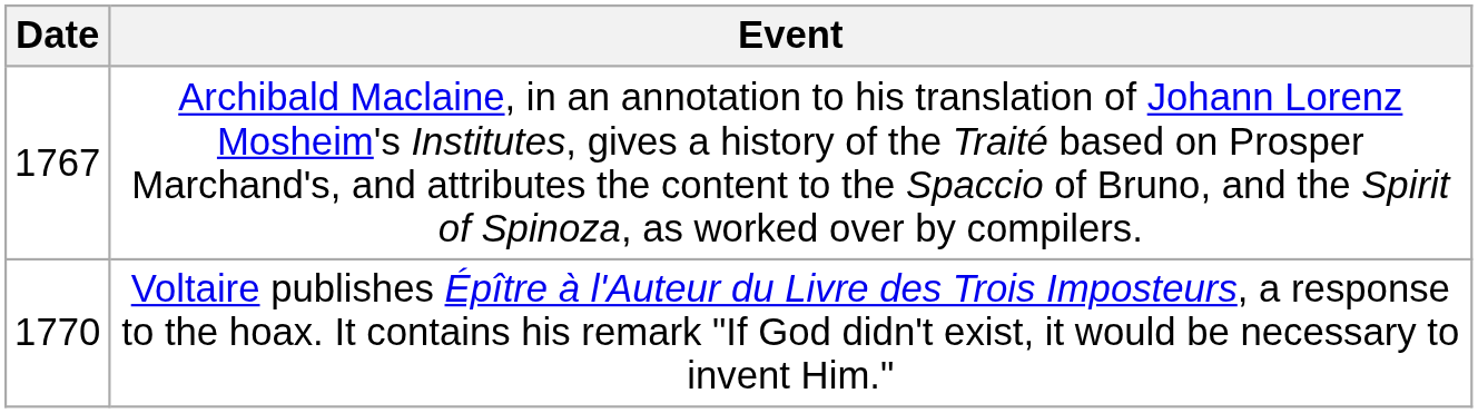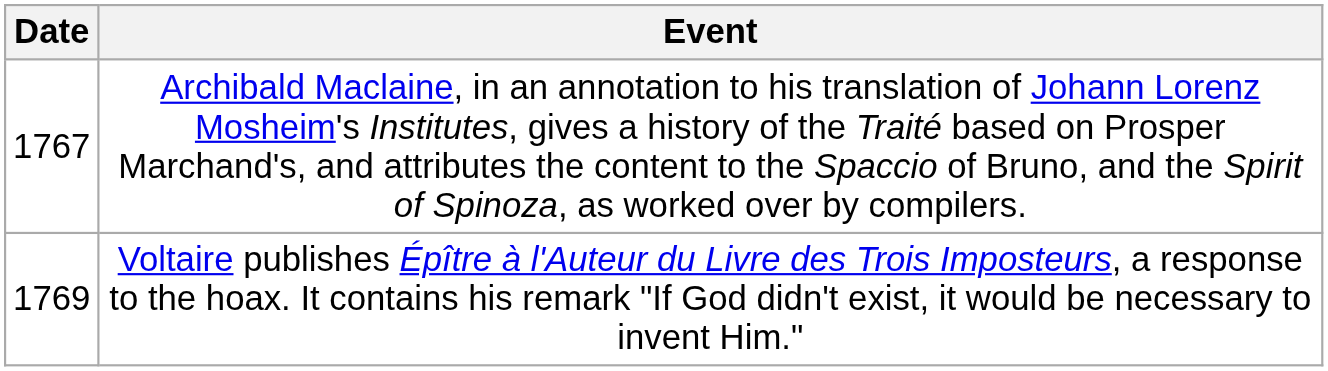 <table class="wikitable" style="text-align: center;border:none;background:transparent;">
 <tr>
 <th>Date</th>
 <th>Event</th>
 </tr>
 <tr>
 <td>1767</td>
 <td><a href='#'>Archibald Maclaine</a>, in an annotation to his translation of <a href='#'>Johann Lorenz Mosheim</a>'s <em>Institutes</em>, gives a history of the <em>Traité</em> based on Prosper Marchand's, and attributes the content to the <em>Spaccio</em> of Bruno, and the <em>Spirit of Spinoza</em>, as worked over by compilers.</td>
 </tr>
 <tr>
-<td>1770</td>
+<td>1769</td>
 <td><a href='#'>Voltaire</a> publishes <em><a href='#'>Épître à l'Auteur du Livre des Trois Imposteurs</a></em>, a response to the hoax. It contains his remark "If God didn't exist, it would be necessary to invent Him."</td>
 </tr>
 </table>
